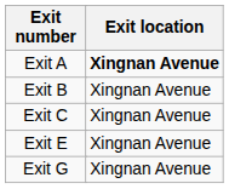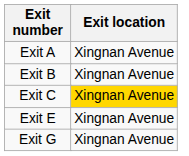 <table class="wikitable">
 <tr>
 <th style="width:70px" colspan="2">Exit number</th>
 <th>Exit location</th>
 </tr>
 <tr>
 <td align="center" colspan="2">Exit A</td>
-<td><strong>Xingnan Avenue</strong></td>
+<td>Xingnan Avenue</td>
 </tr>
 <tr>
 <td align="center" colspan="2">Exit B</td>
 <td>Xingnan Avenue</td>
 </tr>
 <tr>
 <td align="center" colspan="2">Exit C</td>
-<td>Xingnan Avenue</td>
+<td style="background: gold;">Xingnan Avenue</td>
 </tr>
 <tr>
 <td align="center" colspan="2">Exit E</td>
 <td>Xingnan Avenue</td>
 </tr>
 <tr>
 <td align="center" colspan="2">Exit G</td>
 <td>Xingnan Avenue</td>
 </tr>
 </table>
